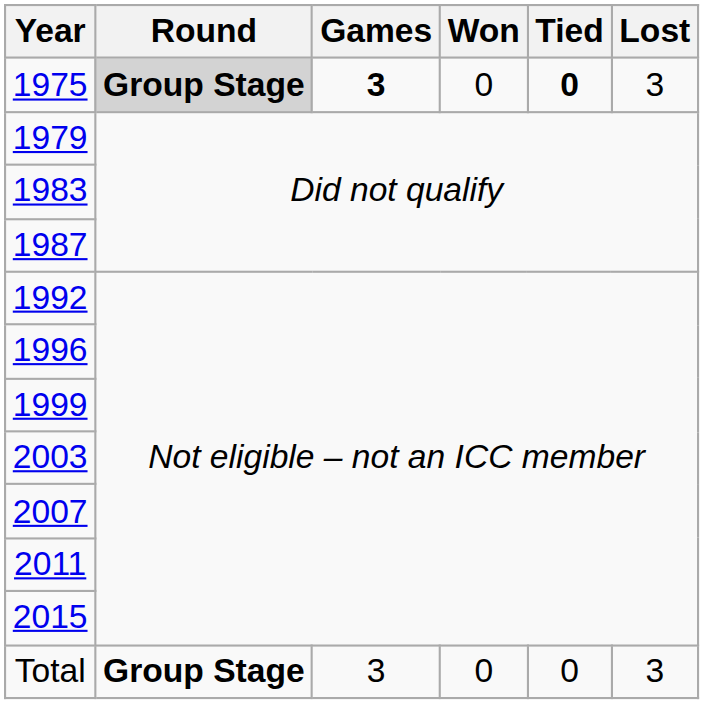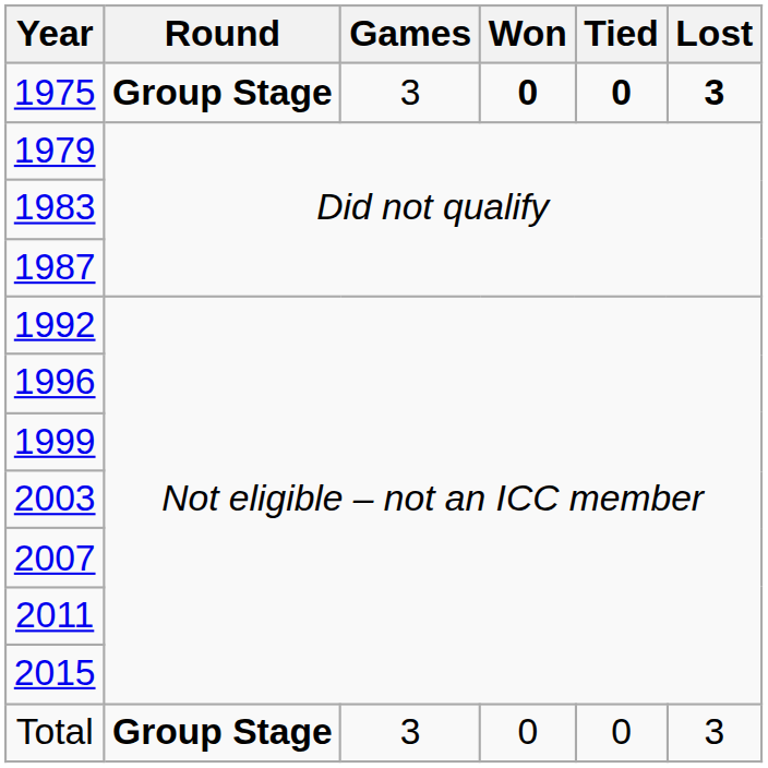 <table class="wikitable" style="text-align: center;">
 <tr>
 <th>Year</th>
 <th>Round</th>
 <th>Games</th>
 <th>Won</th>
 <th>Tied</th>
 <th>Lost</th>
 </tr>
 <tr>
 <td><a href='#'>1975</a></td>
-<td style="background: lightgrey;"><strong>Group Stage</strong></td>
+<td><strong>Group Stage</strong></td>
+<td>3</td>
+<td><strong>0</strong></td>
+<td><strong>0</strong></td>
 <td><strong>3</strong></td>
-<td>0</td>
-<td><strong>0</strong></td>
-<td>3</td>
 </tr>
 <tr>
 <td><a href='#'>1979</a></td>
 <td colspan="7" rowspan="3"><em>Did not qualify</em></td>
 </tr>
 <tr>
 <td><a href='#'>1983</a></td>
 </tr>
 <tr>
 <td><a href='#'>1987</a></td>
 </tr>
 <tr>
 <td><a href='#'>1992</a></td>
 <td colspan="7" rowspan="7"><em>Not eligible – not an ICC member</em></td>
 </tr>
 <tr>
 <td><a href='#'>1996</a></td>
 </tr>
 <tr>
 <td><a href='#'>1999</a></td>
 </tr>
 <tr>
 <td><a href='#'>2003</a></td>
 </tr>
 <tr>
 <td><a href='#'>2007</a></td>
 </tr>
 <tr>
 <td><a href='#'>2011</a></td>
 </tr>
 <tr>
 <td><a href='#'>2015</a></td>
 </tr>
 <tr>
 <td>Total</td>
 <td><strong>Group Stage</strong></td>
 <td>3</td>
 <td>0</td>
 <td>0</td>
 <td>3</td>
 </tr>
 </table>
